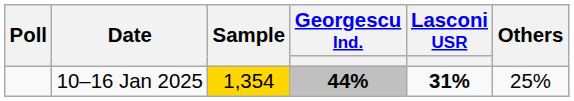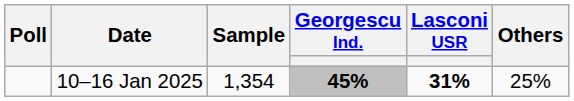 <table class="wikitable sortable" style="text-align:center;font-size:85%;line-height:14px;">
 <tr>
 <th rowspan="2">Poll</th>
 <th rowspan="2">Date</th>
 <th rowspan="2" style="width:35px;">Sample</th>
 <th class="unsortable" style="width:20px;"><a href='#'>Georgescu</a><br><small><a href='#'>Ind.</a></small></th>
 <th class="unsortable" style="width:20px;"><a href='#'>Lasconi</a><br><small><a href='#'>USR</a></small></th>
 <th rowspan="2">Others</th>
 </tr>
 <tr>
 <th style="background:"></th>
 <th style="background:"></th>
 </tr>
 <tr>
 <td></td>
 <td>10–16 Jan 2025</td>
-<td style="background: gold;">1,354</td>
-<td style="background:#C0C0C0"><strong>44%</strong></td>
+<td>1,354</td>
+<td style="background:#C0C0C0"><strong>45%</strong></td>
 <td><strong>31%</strong></td>
 <td>25%</td>
 </tr>
 </table>
